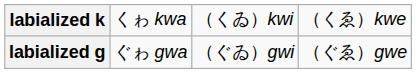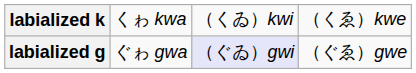 <table class="wikitable" style="margin: 1em auto 1em auto" |>
 <tr>
 <th>labialized k</th>
 <td>くゎ <em>kwa</em></td>
 <td>（く<span>ゐ</span>）<em>kwi</em></td>
 <td>（く<span>ゑ</span>）<em>kwe</em></td>
 </tr>
 <tr>
 <th>labialized g</th>
 <td>ぐゎ <em>gwa</em></td>
-<td>（ぐ<span>ゐ</span>）<em>gwi</em></td>
+<td style="background: lavender;">（ぐ<span>ゐ</span>）<em>gwi</em></td>
 <td>（ぐ<span>ゑ</span>）<em>gwe</em></td>
 </tr>
 </table>
